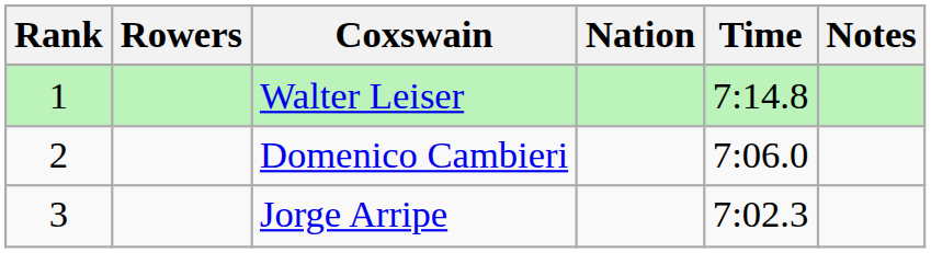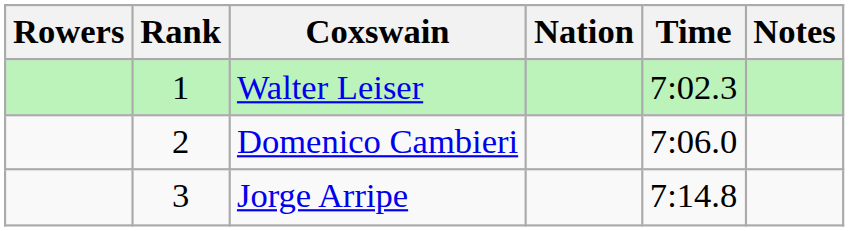 <table class="wikitable sortable" style="text-align:center">
 <tr>
+<th>Rowers</th>
 <th>Rank</th>
-<th>Rowers</th>
 <th>Coxswain</th>
 <th>Nation</th>
 <th>Time</th>
 <th>Notes</th>
 </tr>
 <tr bgcolor=bbf3bb>
+<td align=left></td>
 <td>1</td>
-<td align=left></td>
 <td align=left><a href='#'>Walter Leiser</a></td>
 <td align=left></td>
-<td>7:14.8</td>
+<td>7:02.3</td>
 <td></td>
 </tr>
 <tr>
+<td align=left></td>
 <td>2</td>
-<td align=left></td>
 <td align=left><a href='#'>Domenico Cambieri</a></td>
 <td align=left></td>
 <td>7:06.0</td>
 <td></td>
 </tr>
 <tr>
+<td align=left></td>
 <td>3</td>
-<td align=left></td>
 <td align=left><a href='#'>Jorge Arripe</a></td>
 <td align=left></td>
-<td>7:02.3</td>
+<td>7:14.8</td>
 <td></td>
 </tr>
 </table>
